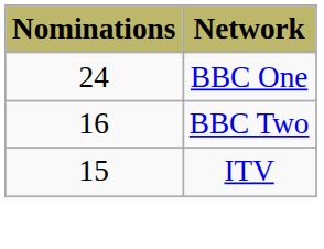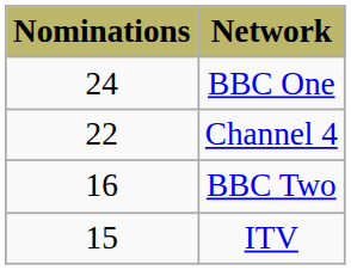 <table class="wikitable" style="text-align:center;">
 <tr>
 <th style="background:#BDB76B;">Nominations</th>
 <th style="background:#BDB76B;">Network</th>
 </tr>
 <tr>
 <td>24</td>
 <td><a href='#'>BBC One</a></td>
 </tr>
 <tr>
+<td>22</td>
+<td><a href='#'>Channel 4</a></td>
+</tr>
+<tr>
 <td>16</td>
 <td><a href='#'>BBC Two</a></td>
 </tr>
 <tr>
 <td>15</td>
 <td><a href='#'>ITV</a></td>
 </tr>
 </table>
